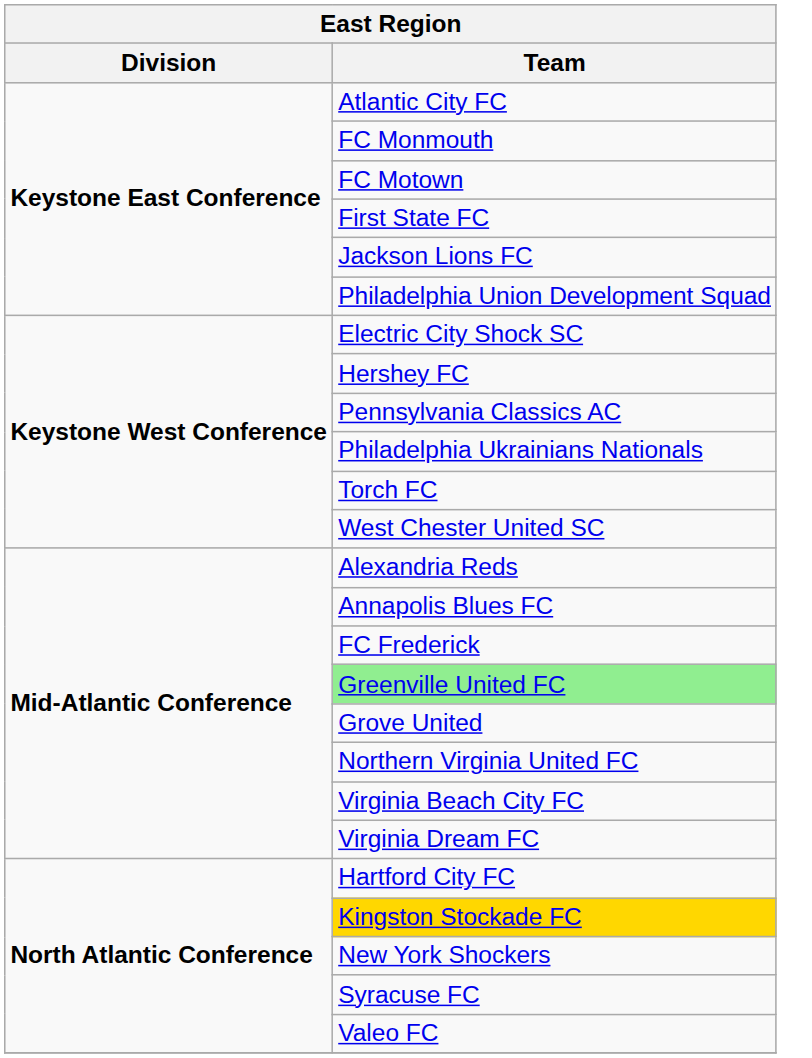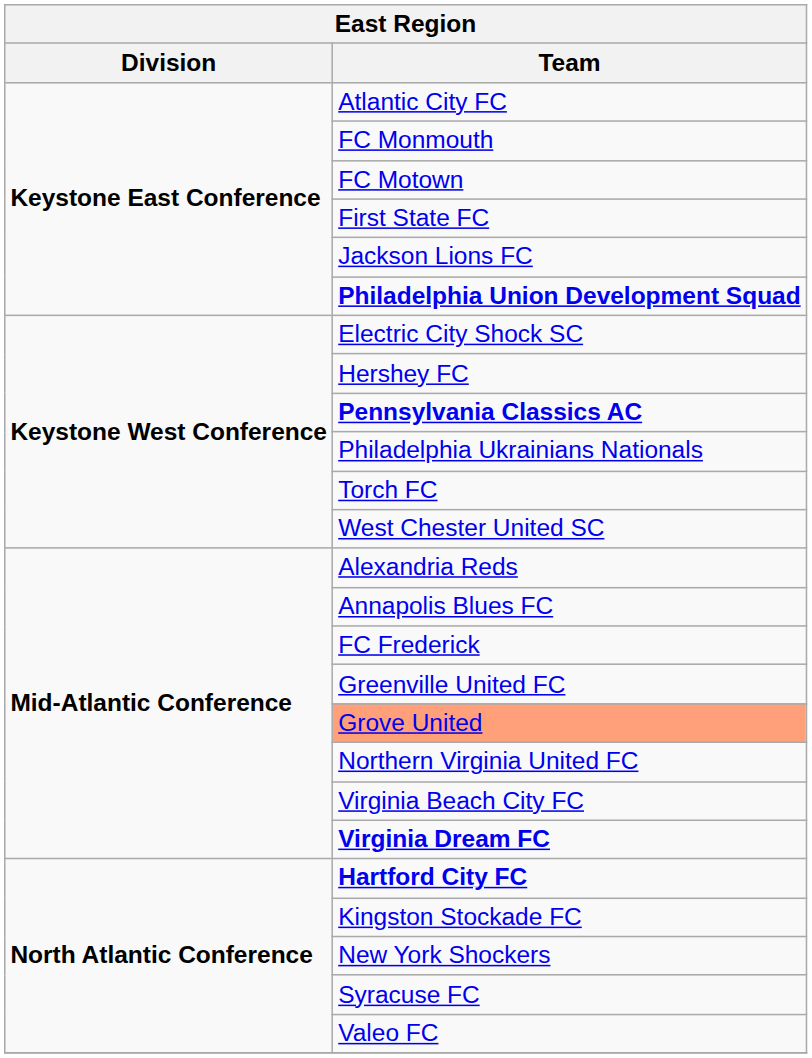 <table class="wikitable" style="text-align:left">
 <tr>
 <th colspan=3>East Region</th>
 </tr>
 <tr>
 <th>Division</th>
 <th>Team</th>
 </tr>
 <tr>
 <td rowspan=6><strong>Keystone East Conference</strong></td>
 <td><a href='#'>Atlantic City FC</a></td>
 </tr>
 <tr>
 <td><a href='#'>FC Monmouth</a></td>
 </tr>
 <tr>
 <td><a href='#'>FC Motown</a></td>
 </tr>
 <tr>
 <td><a href='#'>First State FC</a></td>
 </tr>
 <tr>
 <td><a href='#'>Jackson Lions FC</a></td>
 </tr>
 <tr>
-<td><a href='#'>Philadelphia Union Development Squad</a></td>
+<td><strong><a href='#'>Philadelphia Union Development Squad</a></strong></td>
 </tr>
 <tr>
 <td rowspan=6><strong>Keystone West Conference</strong></td>
 <td><a href='#'>Electric City Shock SC</a></td>
 </tr>
 <tr>
 <td><a href='#'>Hershey FC</a></td>
 </tr>
 <tr>
-<td><a href='#'>Pennsylvania Classics AC</a></td>
+<td><strong><a href='#'>Pennsylvania Classics AC</a></strong></td>
 </tr>
 <tr>
 <td><a href='#'>Philadelphia Ukrainians Nationals</a></td>
 </tr>
 <tr>
 <td><a href='#'>Torch FC</a></td>
 </tr>
 <tr>
 <td><a href='#'>West Chester United SC</a></td>
 </tr>
 <tr>
 <td rowspan=8><strong>Mid-Atlantic Conference</strong></td>
 <td><a href='#'>Alexandria Reds</a></td>
 </tr>
 <tr>
 <td><a href='#'>Annapolis Blues FC</a></td>
 </tr>
 <tr>
 <td><a href='#'>FC Frederick</a></td>
 </tr>
 <tr>
-<td style="background: lightgreen;"><a href='#'>Greenville United FC</a></td>
+<td><a href='#'>Greenville United FC</a></td>
 </tr>
 <tr>
-<td><a href='#'>Grove United</a></td>
+<td style="background: lightsalmon;"><a href='#'>Grove United</a></td>
 </tr>
 <tr>
 <td><a href='#'>Northern Virginia United FC</a></td>
 </tr>
 <tr>
 <td><a href='#'>Virginia Beach City FC</a></td>
 </tr>
 <tr>
-<td><a href='#'>Virginia Dream FC</a></td>
+<td><strong><a href='#'>Virginia Dream FC</a></strong></td>
 </tr>
 <tr>
 <td rowspan=5><strong>North Atlantic Conference</strong></td>
-<td><a href='#'>Hartford City FC</a></td>
+<td><strong><a href='#'>Hartford City FC</a></strong></td>
 </tr>
 <tr>
-<td style="background: gold;"><a href='#'>Kingston Stockade FC</a></td>
+<td><a href='#'>Kingston Stockade FC</a></td>
 </tr>
 <tr>
 <td><a href='#'>New York Shockers</a></td>
 </tr>
 <tr>
 <td><a href='#'>Syracuse FC</a></td>
 </tr>
 <tr>
 <td><a href='#'>Valeo FC</a></td>
 </tr>
 <tr>
 </tr>
 </table>
